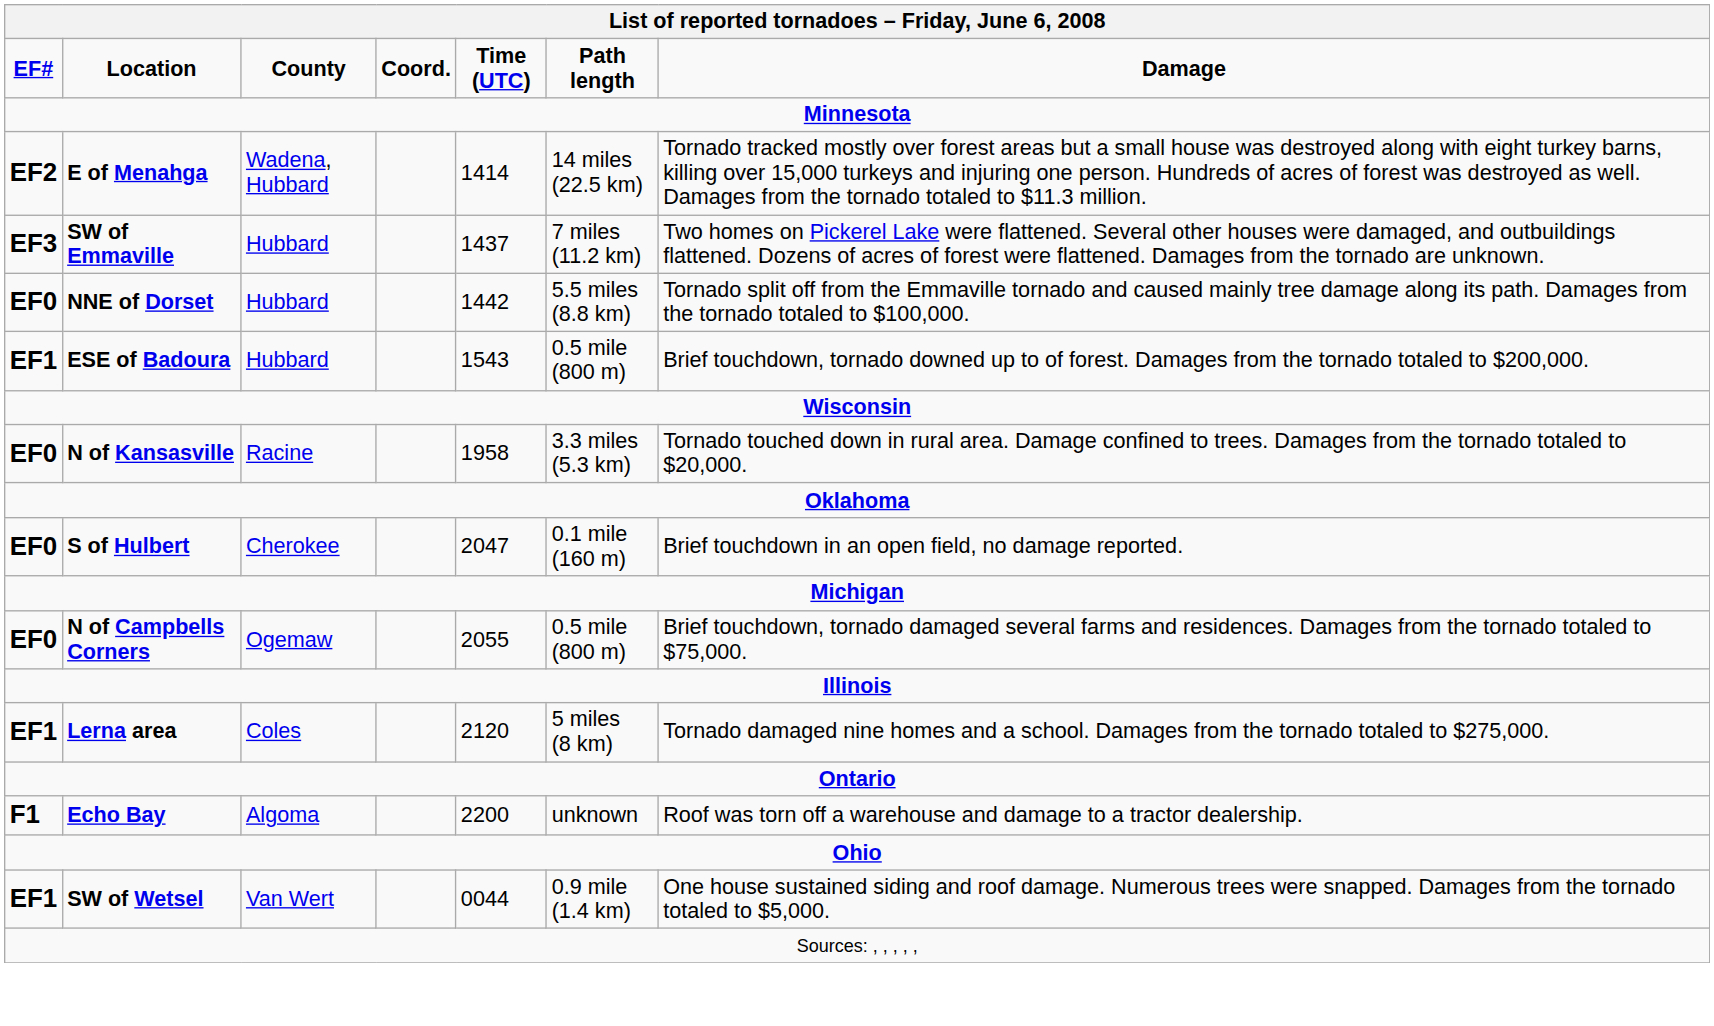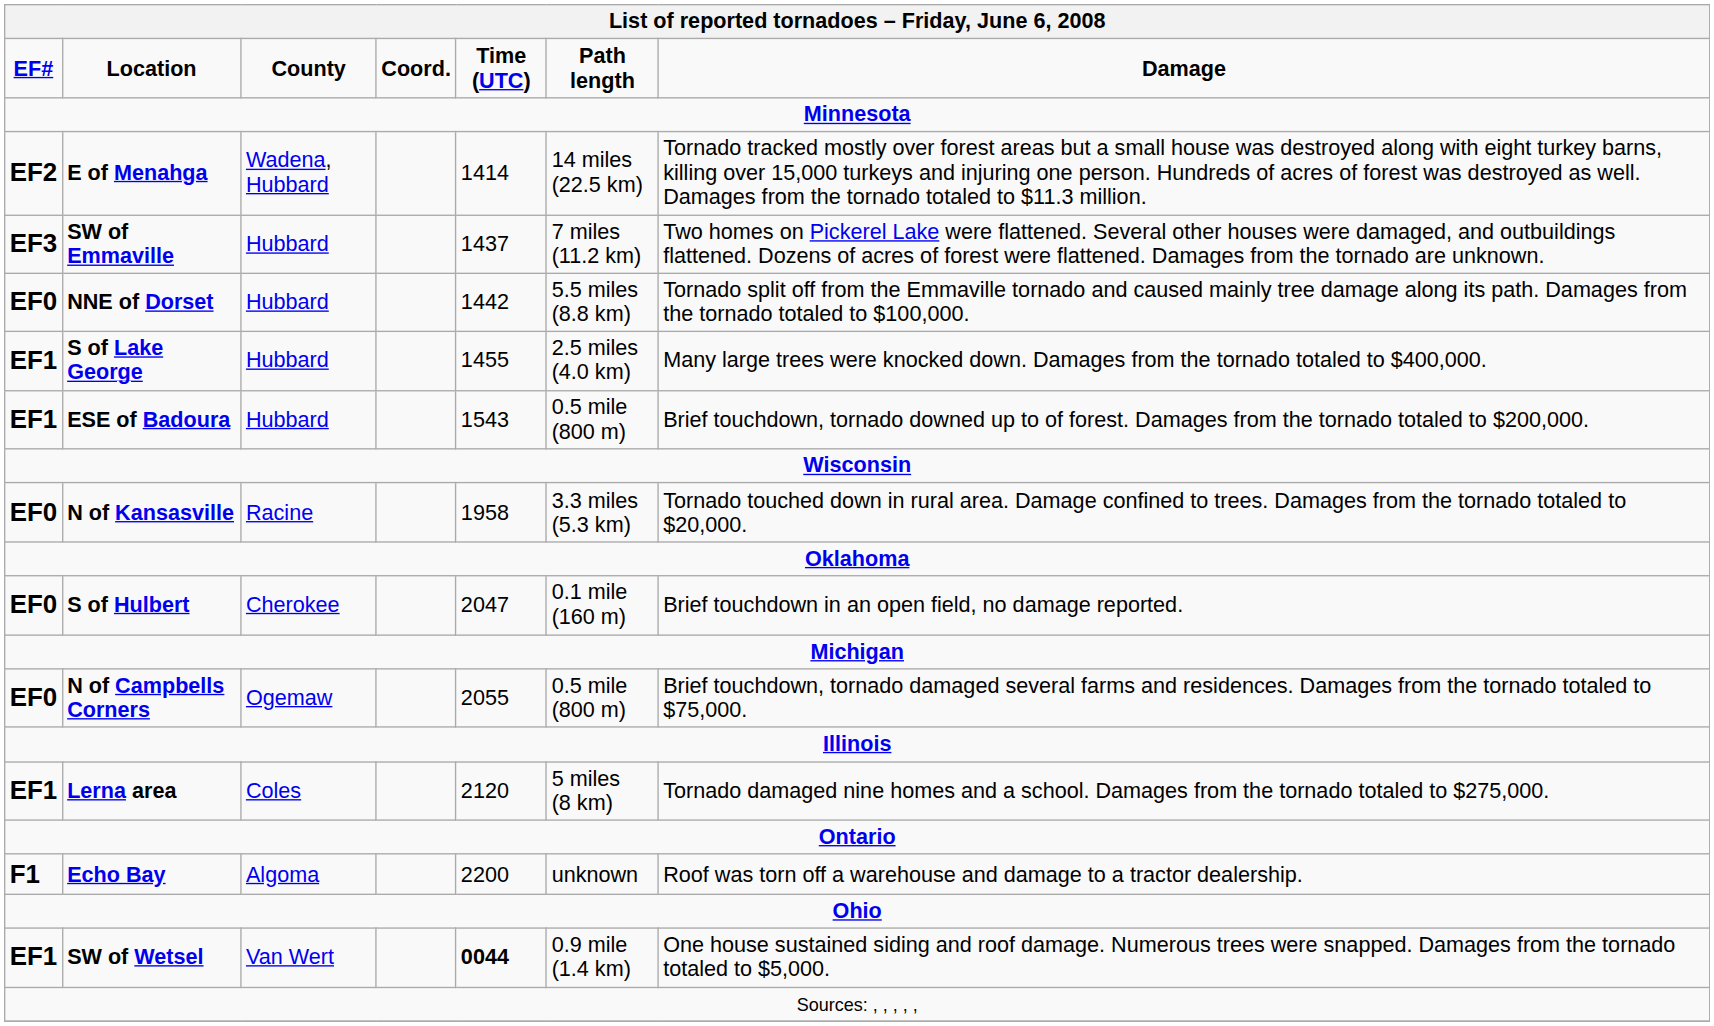 <table class="wikitable collapsible" width="100%">
 <tr>
 <th colspan="7">List of reported tornadoes – Friday, June 6, 2008</th>
 </tr>
 <tr>
 <td style="text-align:center;"><strong><a href='#'>EF#</a></strong></td>
 <td style="text-align:center;"><strong>Location</strong></td>
 <td style="text-align:center;"><strong>County</strong></td>
 <td style="text-align:center;"><strong>Coord.</strong></td>
 <td style="text-align:center;"><strong>Time (<a href='#'>UTC</a>)</strong></td>
 <td style="text-align:center;"><strong>Path length</strong></td>
 <td style="text-align:center;"><strong>Damage</strong></td>
 </tr>
 <tr>
 <td colspan="7" align=center><strong><a href='#'>Minnesota</a></strong></td>
 </tr>
 <tr>
 <td><big><strong>EF2</strong></big></td>
 <td><strong>E of <a href='#'>Menahga</a></strong></td>
 <td><a href='#'>Wadena</a>, <a href='#'>Hubbard</a></td>
 <td></td>
 <td>1414</td>
 <td>14 miles<br>(22.5 km)</td>
 <td>Tornado tracked mostly over forest areas but a small house was destroyed along with eight turkey barns, killing over 15,000 turkeys and injuring one person. Hundreds of acres of forest was destroyed as well. Damages from the tornado totaled to $11.3 million.</td>
 </tr>
 <tr>
 <td><big><strong>EF3</strong></big></td>
 <td><strong>SW of <a href='#'>Emmaville</a></strong></td>
 <td><a href='#'>Hubbard</a></td>
 <td></td>
 <td>1437</td>
 <td>7 miles<br>(11.2 km)</td>
 <td>Two homes on <a href='#'>Pickerel Lake</a> were flattened. Several other houses were damaged, and outbuildings flattened. Dozens of acres of forest were flattened. Damages from the tornado are unknown.</td>
 </tr>
 <tr>
 <td><big><strong>EF0</strong></big></td>
 <td><strong>NNE of <a href='#'>Dorset</a></strong></td>
 <td><a href='#'>Hubbard</a></td>
 <td></td>
 <td>1442</td>
 <td>5.5 miles<br>(8.8 km)</td>
 <td>Tornado split off from the Emmaville tornado and caused mainly tree damage along its path. Damages from the tornado totaled to $100,000.</td>
+</tr>
+<tr>
+<td><big><strong>EF1</strong></big></td>
+<td><strong>S of <a href='#'>Lake George</a></strong></td>
+<td><a href='#'>Hubbard</a></td>
+<td></td>
+<td>1455</td>
+<td>2.5 miles<br>(4.0 km)</td>
+<td>Many large trees were knocked down. Damages from the tornado totaled to $400,000.</td>
 </tr>
 <tr>
 <td><big><strong>EF1</strong></big></td>
 <td><strong>ESE of <a href='#'>Badoura</a></strong></td>
 <td><a href='#'>Hubbard</a></td>
 <td></td>
 <td>1543</td>
 <td>0.5 mile<br>(800 m)</td>
 <td>Brief touchdown, tornado downed up to  of forest. Damages from the tornado totaled to $200,000.</td>
 </tr>
 <tr>
 <td colspan="7" align=center><strong><a href='#'>Wisconsin</a></strong></td>
 </tr>
 <tr>
 <td><big><strong>EF0</strong></big></td>
 <td><strong>N of <a href='#'>Kansasville</a></strong></td>
 <td><a href='#'>Racine</a></td>
 <td></td>
 <td>1958</td>
 <td>3.3 miles<br>(5.3 km)</td>
 <td>Tornado touched down in rural area. Damage confined to trees. Damages from the tornado totaled to $20,000.</td>
 </tr>
 <tr>
 <td colspan="7" align=center><strong><a href='#'>Oklahoma</a></strong></td>
 </tr>
 <tr>
 <td><big><strong>EF0</strong></big></td>
 <td><strong>S of <a href='#'>Hulbert</a></strong></td>
 <td><a href='#'>Cherokee</a></td>
 <td></td>
 <td>2047</td>
 <td>0.1 mile<br>(160 m)</td>
 <td>Brief touchdown in an open field, no damage reported.</td>
 </tr>
 <tr>
 <td colspan="7" align=center><strong><a href='#'>Michigan</a></strong></td>
 </tr>
 <tr>
 <td><big><strong>EF0</strong></big></td>
 <td><strong>N of <a href='#'>Campbells Corners</a></strong></td>
 <td><a href='#'>Ogemaw</a></td>
 <td></td>
 <td>2055</td>
 <td>0.5 mile<br>(800 m)</td>
 <td>Brief touchdown, tornado damaged several farms and residences. Damages from the tornado totaled to $75,000.</td>
 </tr>
 <tr>
 <td colspan="7" align=center><strong><a href='#'>Illinois</a></strong></td>
 </tr>
 <tr>
 <td><big><strong>EF1</strong></big></td>
 <td><strong><a href='#'>Lerna</a> area</strong></td>
 <td><a href='#'>Coles</a></td>
 <td></td>
 <td>2120</td>
 <td>5 miles<br>(8 km)</td>
 <td>Tornado damaged nine homes and a school. Damages from the tornado totaled to $275,000.</td>
 </tr>
 <tr>
 <td colspan="7" align=center><strong><a href='#'>Ontario</a></strong></td>
 </tr>
 <tr>
 <td><big><strong>F1</strong></big></td>
 <td><strong><a href='#'>Echo Bay</a></strong></td>
 <td><a href='#'>Algoma</a></td>
 <td></td>
 <td>2200</td>
 <td>unknown</td>
 <td>Roof was torn off a warehouse and damage to a tractor dealership.</td>
 </tr>
 <tr>
 <td colspan="7" align=center><strong><a href='#'>Ohio</a></strong></td>
 </tr>
 <tr>
 <td><big><strong>EF1</strong></big></td>
 <td><strong>SW of <a href='#'>Wetsel</a></strong></td>
 <td><a href='#'>Van Wert</a></td>
 <td></td>
-<td>0044</td>
+<td><strong>0044</strong></td>
 <td>0.9 mile<br>(1.4 km)</td>
 <td>One house sustained siding and roof damage. Numerous trees were snapped. Damages from the tornado totaled to $5,000.</td>
 </tr>
 <tr>
 <td colspan="7" align=center><small>Sources: , , , , ,  </small></td>
 </tr>
 <tr>
 </tr>
 </table>
